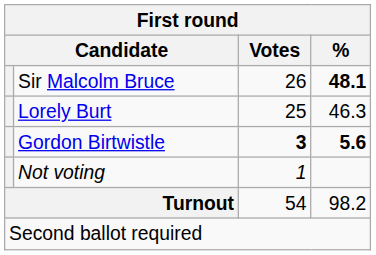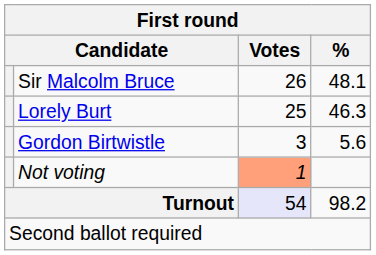 <table class=wikitable style="font-size:95%;">
 <tr>
 <th colspan="5">First round</th>
 </tr>
 <tr>
 <th colspan="2" style="width: 170px">Candidate</th>
 <th style="width: 50px">Votes</th>
 <th style="width: 40px">%</th>
 </tr>
 <tr>
 <th style="background-color: "></th>
 <td style="width: 170px">Sir <a href='#'>Malcolm Bruce</a></td>
 <td align="right">26</td>
-<td align="right"><strong>48.1</strong></td>
+<td align="right">48.1</td>
 </tr>
 <tr>
 <th style="background-color: "></th>
 <td style="width: 170px"><a href='#'>Lorely Burt</a></td>
 <td align="right">25</td>
 <td align="right">46.3</td>
 </tr>
 <tr>
 <th style="background-color: "></th>
 <td style="width: 170px"><a href='#'>Gordon Birtwistle</a></td>
-<td align="right"><strong>3</strong></td>
-<td align="right"><strong>5.6</strong></td>
+<td align="right">3</td>
+<td align="right">5.6</td>
 </tr>
 <tr>
 <th style="background-color: "></th>
 <td style="width: 170px"><em>Not voting</em></td>
-<td align="right"><em>1</em></td>
+<td align="right" style="background: lightsalmon;"><em>1</em></td>
 <td></td>
 </tr>
 <tr>
 <th colspan="2" style="text-align:right">Turnout</th>
-<td align="right">54</td>
+<td align="right" style="background: lavender;">54</td>
 <td align="right">98.2</td>
 </tr>
 <tr>
 <td colspan="4">Second ballot required</td>
 </tr>
 </table>
